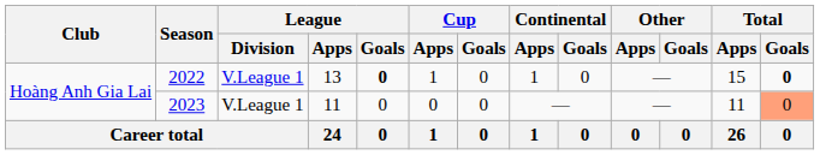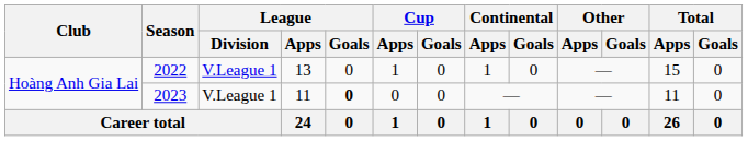 <table class="wikitable" style="text-align: center">
 <tr>
 <th rowspan="2">Club</th>
 <th rowspan="2">Season</th>
 <th colspan="3">League</th>
 <th colspan="2"><a href='#'>Cup</a></th>
 <th colspan="2">Continental</th>
 <th colspan="2">Other</th>
 <th colspan="2">Total</th>
 </tr>
 <tr>
 <th>Division</th>
 <th>Apps</th>
 <th>Goals</th>
 <th>Apps</th>
 <th>Goals</th>
 <th>Apps</th>
 <th>Goals</th>
 <th>Apps</th>
 <th>Goals</th>
 <th>Apps</th>
 <th>Goals</th>
 </tr>
 <tr>
 <td rowspan=2><a href='#'>Hoàng Anh Gia Lai</a></td>
 <td><a href='#'>2022</a></td>
 <td><a href='#'>V.League 1</a></td>
 <td>13</td>
-<td><strong>0</strong></td>
+<td>0</td>
 <td>1</td>
 <td>0</td>
 <td>1</td>
 <td>0</td>
 <td colspan=2>—</td>
 <td>15</td>
-<td><strong>0</strong></td>
+<td>0</td>
 </tr>
 <tr>
 <td><a href='#'>2023</a></td>
 <td>V.League 1</td>
 <td>11</td>
-<td>0</td>
+<td><strong>0</strong></td>
 <td>0</td>
 <td>0</td>
 <td colspan=2>—</td>
 <td colspan=2>—</td>
 <td>11</td>
-<td style="background: lightsalmon;">0</td>
+<td>0</td>
 </tr>
 <tr>
 <th colspan="3">Career total</th>
 <th>24</th>
 <th>0</th>
 <th>1</th>
 <th>0</th>
 <th>1</th>
 <th>0</th>
 <th>0</th>
 <th>0</th>
 <th>26</th>
 <th>0</th>
 </tr>
 </table>
